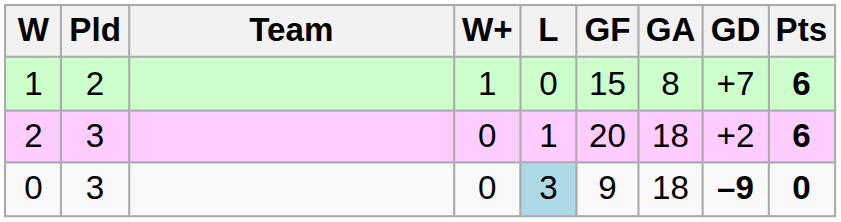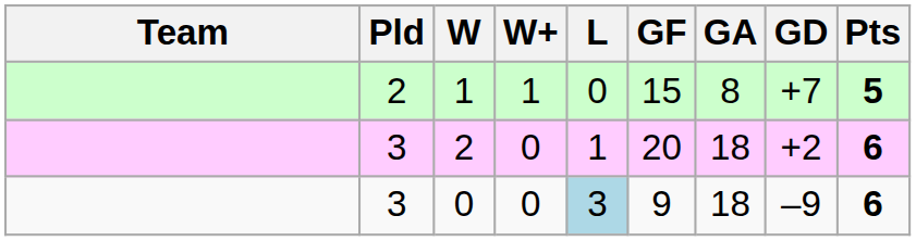 <table class="wikitable" style="text-align:center;">
 <tr>
+<th width=150>Team</th>
+<th width=20>Pld</th>
 <th width=20>W</th>
-<th width=20>Pld</th>
-<th width=150>Team</th>
 <th width=20>W+</th>
 <th width=20>L</th>
 <th width=20>GF</th>
 <th width=20>GA</th>
 <th width=20>GD</th>
 <th width=20>Pts</th>
 </tr>
 <tr align=center style="background:#ccffcc;">
+<td align="left"></td>
+<td>2</td>
 <td>1</td>
-<td>2</td>
-<td align="left"></td>
 <td>1</td>
 <td>0</td>
 <td>15</td>
 <td>8</td>
 <td>+7</td>
-<td><strong>6</strong></td>
+<td><strong>5</strong></td>
 </tr>
 <tr align=center style="background:#ffccff;">
+<td align="left"></td>
+<td>3</td>
 <td>2</td>
-<td>3</td>
-<td align="left"></td>
 <td>0</td>
 <td>1</td>
 <td>20</td>
 <td>18</td>
 <td>+2</td>
 <td><strong>6</strong></td>
 </tr>
 <tr align=center>
+<td align="left"></td>
+<td>3</td>
 <td>0</td>
-<td>3</td>
-<td align="left"></td>
 <td>0</td>
 <td style="background: lightblue;">3</td>
 <td>9</td>
 <td>18</td>
-<td><strong>–9</strong></td>
-<td><strong>0</strong></td>
+<td>–9</td>
+<td><strong>6</strong></td>
 </tr>
 </table>
